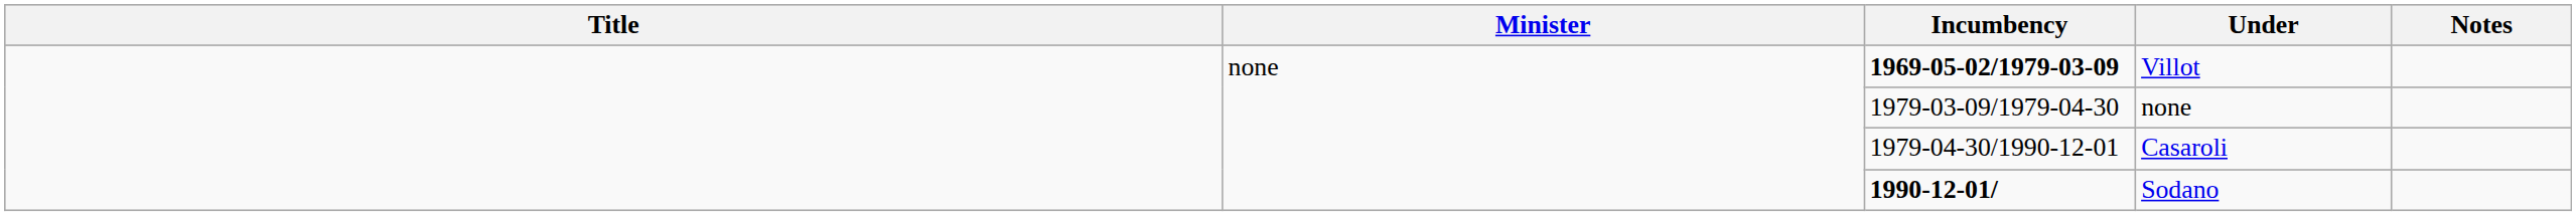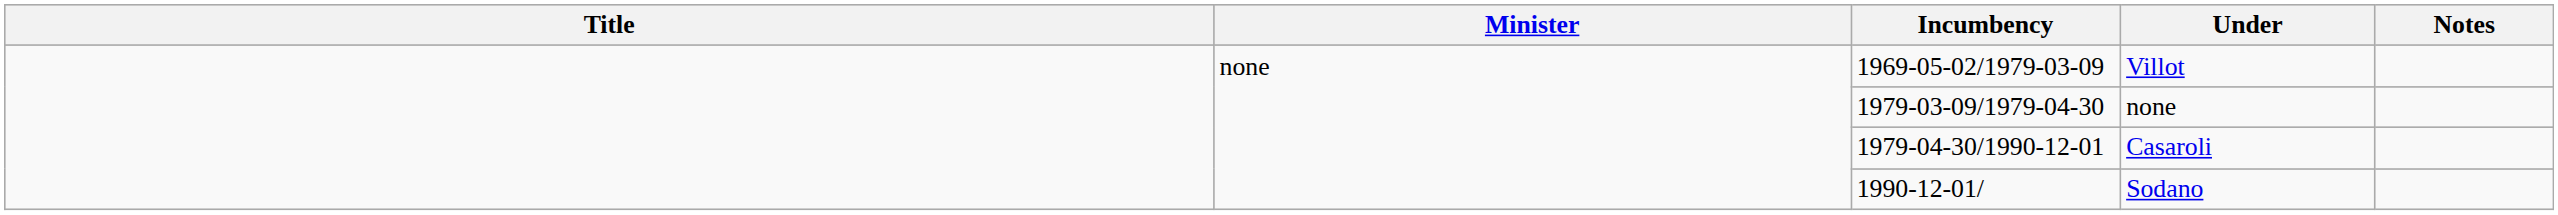 <table class="wikitable" style="width:100%;">
 <tr>
 <th>Title</th>
 <th style="width:25%;"><a href='#'>Minister</a></th>
 <th style="width:160px;">Incumbency</th>
 <th style="width:10%;">Under</th>
 <th style="width:7%;">Notes</th>
 </tr>
 <tr>
 <td rowspan="4" style="vertical-align:top;"></td>
 <td rowspan="4" style="vertical-align:top;">none</td>
-<td><strong>1969-05-02/1979-03-09</strong></td>
+<td>1969-05-02/1979-03-09</td>
 <td><a href='#'>Villot</a></td>
 <td></td>
 </tr>
 <tr>
 <td>1979-03-09/1979-04-30</td>
 <td>none</td>
 <td></td>
 </tr>
 <tr>
 <td>1979-04-30/1990-12-01</td>
 <td><a href='#'>Casaroli</a></td>
 <td></td>
 </tr>
 <tr>
-<td><strong>1990-12-01/</strong></td>
+<td>1990-12-01/</td>
 <td><a href='#'>Sodano</a></td>
 <td></td>
 </tr>
 </table>
